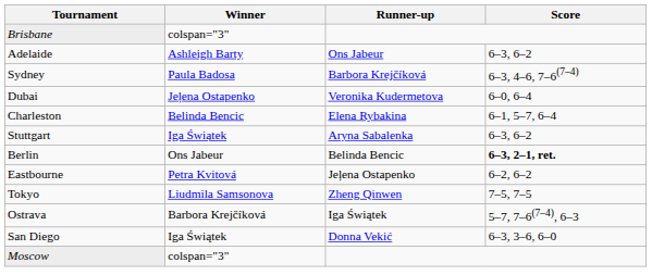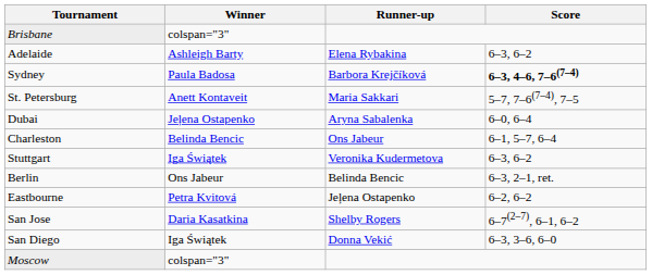 <table class="wikitable nowrap">
 <tr>
 <th width="200">Tournament</th>
 <th width="200">Winner</th>
 <th width="200">Runner-up</th>
 <th width="200">Score</th>
 </tr>
 <tr>
 <td bgcolor=ededed><em>Brisbane</em></td>
 <td>colspan="3" </td>
 </tr>
 <tr>
 <td>Adelaide</td>
 <td> <a href='#'>Ashleigh Barty</a></td>
-<td> <a href='#'>Ons Jabeur</a></td>
+<td> <a href='#'>Elena Rybakina</a></td>
 <td>6–3, 6–2</td>
 </tr>
 <tr>
 <td>Sydney</td>
 <td> <a href='#'>Paula Badosa</a></td>
 <td> <a href='#'>Barbora Krejčíková</a></td>
-<td>6–3, 4–6, 7–6<sup>(7–4)</sup></td>
+<td><strong>6–3, 4–6, 7–6<sup>(7–4)</sup></strong></td>
+</tr>
+<tr>
+<td>St. Petersburg</td>
+<td> <a href='#'>Anett Kontaveit</a></td>
+<td> <a href='#'>Maria Sakkari</a></td>
+<td>5–7, 7–6<sup>(7–4)</sup>, 7–5</td>
 </tr>
 <tr>
 <td>Dubai</td>
 <td> <a href='#'>Jeļena Ostapenko</a></td>
-<td> <a href='#'>Veronika Kudermetova</a></td>
+<td> <a href='#'>Aryna Sabalenka</a></td>
 <td>6–0, 6–4</td>
 </tr>
 <tr>
 <td>Charleston</td>
 <td> <a href='#'>Belinda Bencic</a></td>
-<td> <a href='#'>Elena Rybakina</a></td>
+<td> <a href='#'>Ons Jabeur</a></td>
 <td>6–1, 5–7, 6–4</td>
 </tr>
 <tr>
 <td>Stuttgart</td>
 <td> <a href='#'>Iga Świątek</a></td>
-<td> <a href='#'>Aryna Sabalenka</a></td>
+<td> <a href='#'>Veronika Kudermetova</a></td>
 <td>6–3, 6–2</td>
 </tr>
 <tr>
 <td>Berlin</td>
 <td> Ons Jabeur</td>
 <td> Belinda Bencic</td>
-<td><strong>6–3, 2–1, ret.</strong></td>
+<td>6–3, 2–1, ret.</td>
 </tr>
 <tr>
 <td>Eastbourne</td>
 <td> <a href='#'>Petra Kvitová</a></td>
 <td> Jeļena Ostapenko</td>
 <td>6–2, 6–2</td>
 </tr>
 <tr>
-<td>Tokyo</td>
-<td> <a href='#'>Liudmila Samsonova</a></td>
-<td> <a href='#'>Zheng Qinwen</a></td>
-<td>7–5, 7–5</td>
-</tr>
-<tr>
-<td>Ostrava</td>
-<td> Barbora Krejčíková</td>
-<td> Iga Świątek</td>
-<td>5–7, 7–6<sup>(7–4)</sup>, 6–3</td>
+<td>San Jose</td>
+<td> <a href='#'>Daria Kasatkina</a></td>
+<td> <a href='#'>Shelby Rogers</a></td>
+<td>6–7<sup>(2–7)</sup>, 6–1, 6–2</td>
 </tr>
 <tr>
 <td>San Diego</td>
 <td> Iga Świątek</td>
 <td> <a href='#'>Donna Vekić</a></td>
 <td>6–3, 3–6, 6–0</td>
 </tr>
 <tr>
 <td bgcolor=ededed><em>Moscow</em></td>
 <td>colspan="3" </td>
 </tr>
 </table>
